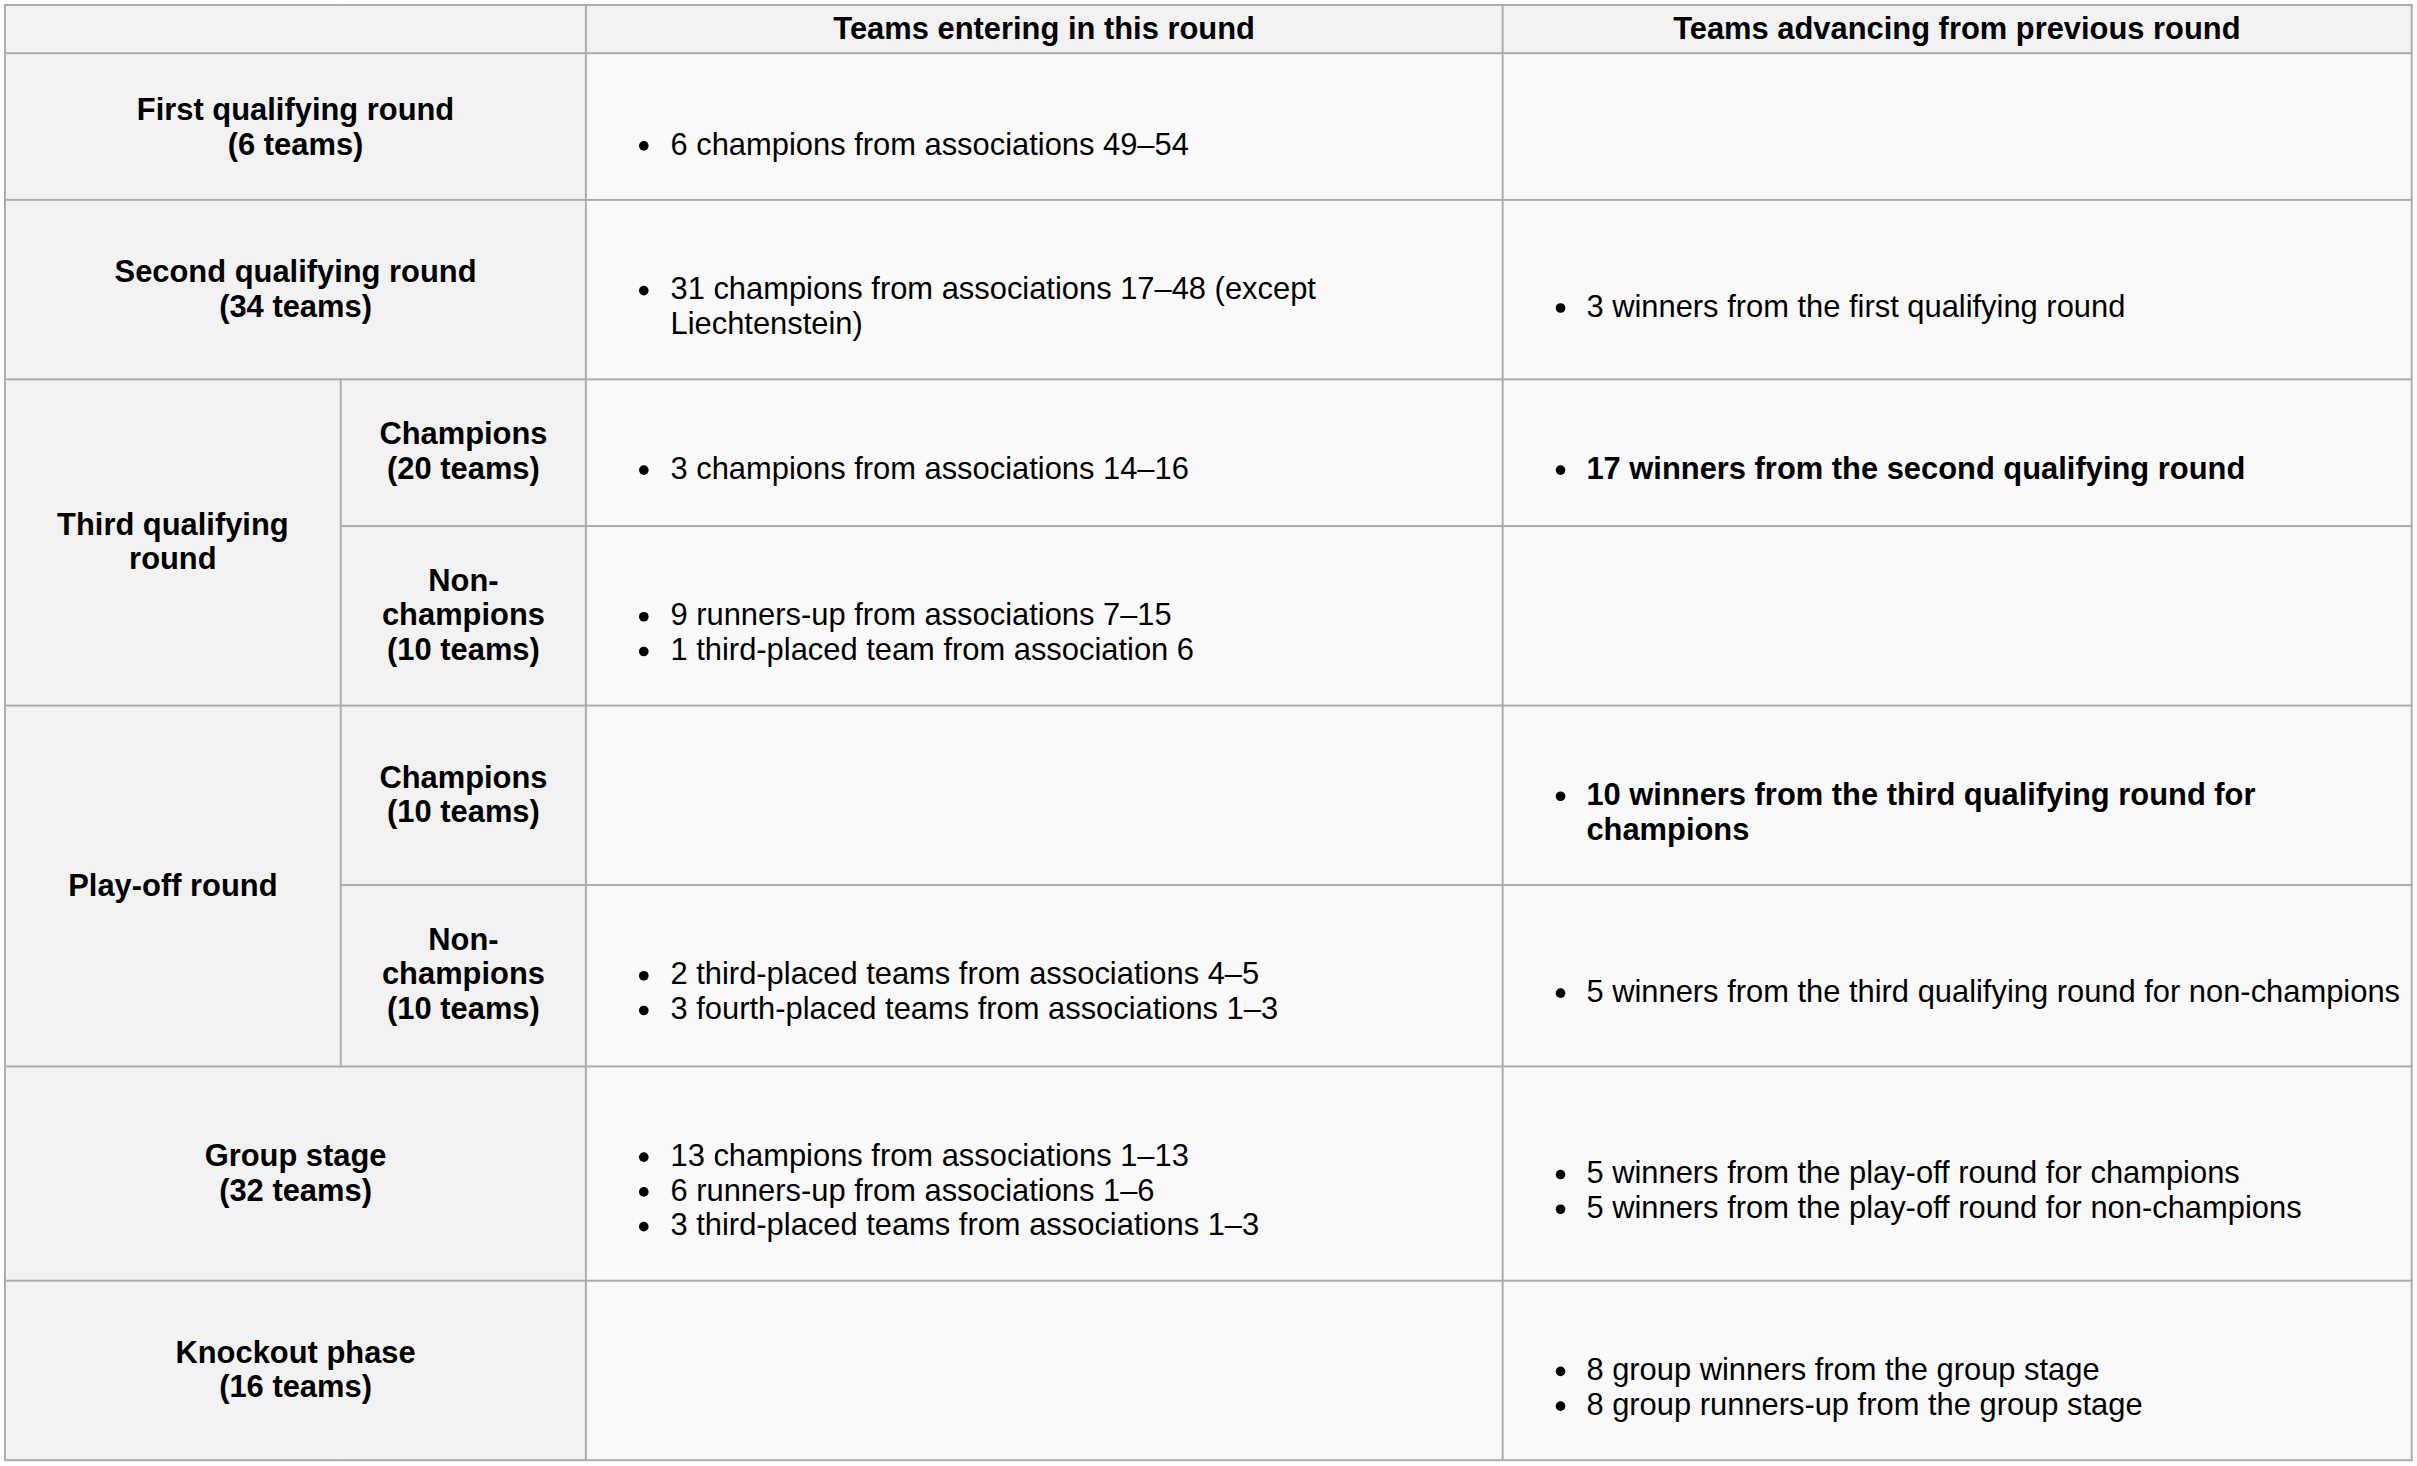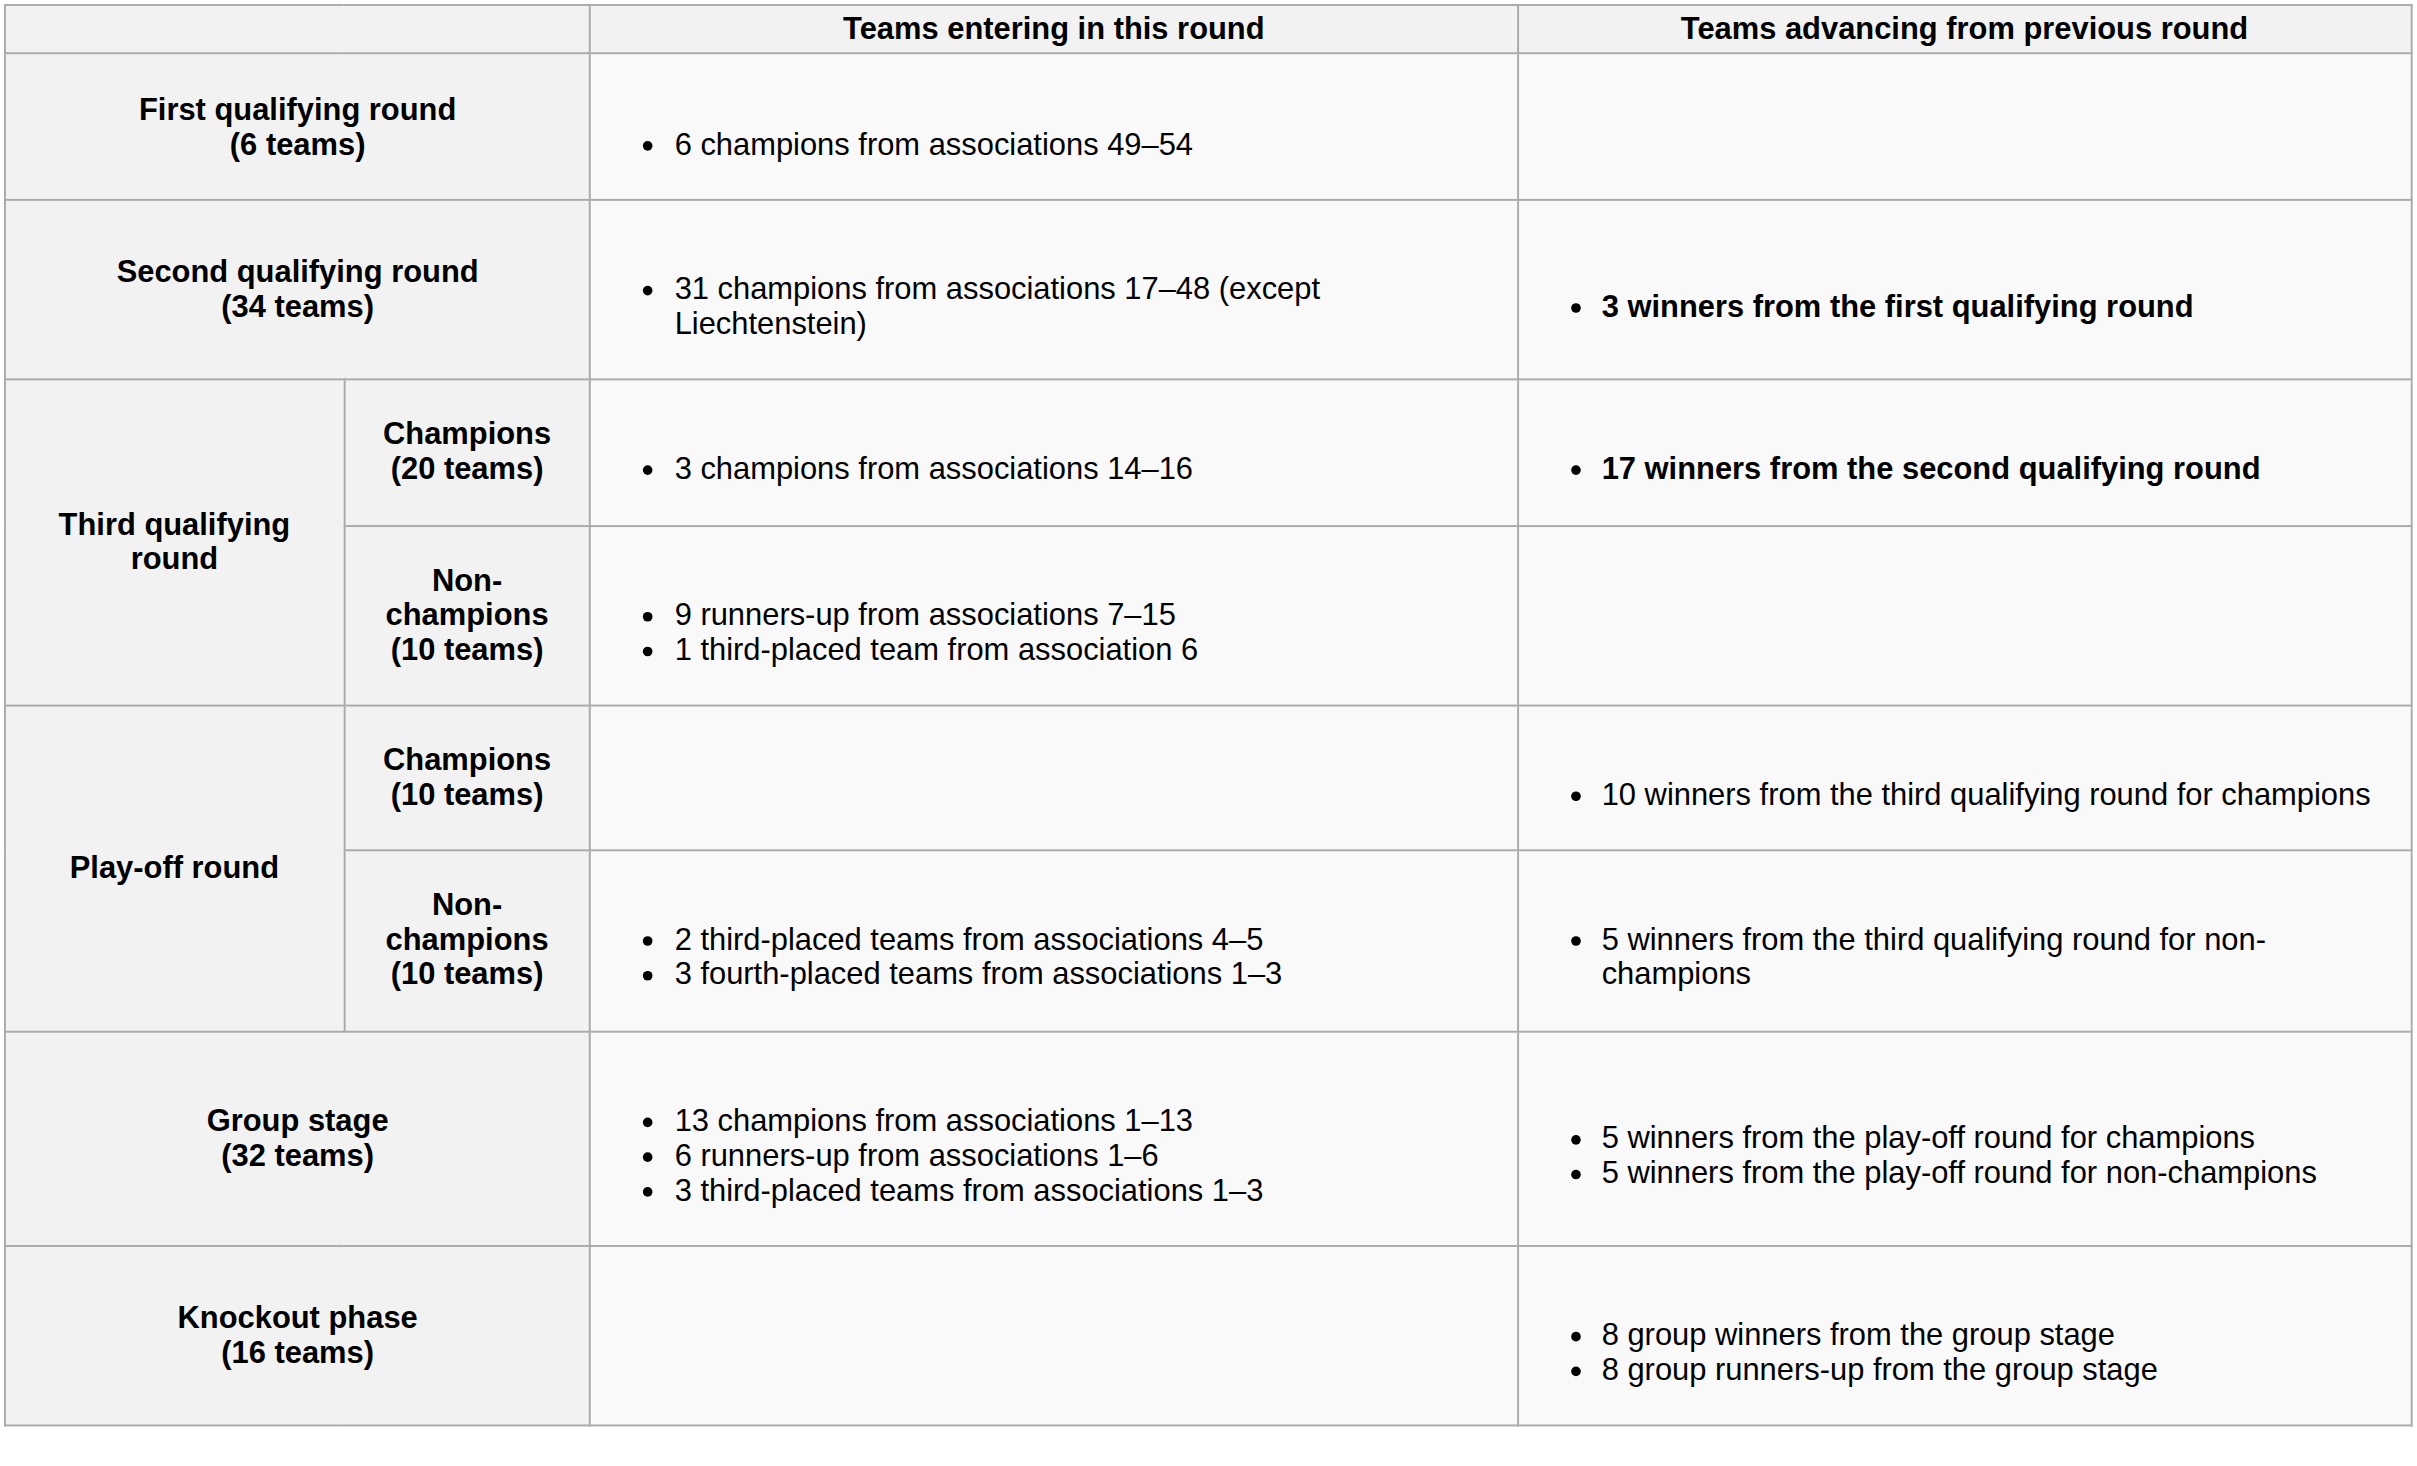 <table class="wikitable">
 <tr>
 <th colspan=2></th>
 <th>Teams entering in this round</th>
 <th>Teams advancing from previous round</th>
 </tr>
 <tr>
 <th colspan=2>First qualifying round<br>(6 teams)</th>
 <td><br><ul><li>6 champions from associations 49–54</li></ul></td>
 <td></td>
 </tr>
 <tr>
 <th colspan=2>Second qualifying round<br>(34 teams)</th>
 <td><br><ul><li>31 champions from associations 17–48 (except Liechtenstein)</li></ul></td>
-<td><br><ul><li>3 winners from the first qualifying round</li></ul></td>
+<td><strong><br><ul><li>3 winners from the first qualifying round</li></ul></strong></td>
 </tr>
 <tr>
 <th rowspan=2>Third qualifying round</th>
 <th>Champions<br>(20 teams)</th>
 <td><br><ul><li>3 champions from associations 14–16</li></ul></td>
 <td><strong><br><ul><li>17 winners from the second qualifying round</li></ul></strong></td>
 </tr>
 <tr>
 <th>Non-champions<br>(10 teams)</th>
 <td><br><ul><li>9 runners-up from associations 7–15</li><li>1 third-placed team from association 6</li></ul></td>
 <td></td>
 </tr>
 <tr>
 <th rowspan=2>Play-off round</th>
 <th>Champions<br>(10 teams)</th>
 <td></td>
-<td><strong><br><ul><li>10 winners from the third qualifying round for champions</li></ul></strong></td>
+<td><br><ul><li>10 winners from the third qualifying round for champions</li></ul></td>
 </tr>
 <tr>
 <th>Non-champions<br>(10 teams)</th>
 <td><br><ul><li>2 third-placed teams from associations 4–5</li><li>3 fourth-placed teams from associations 1–3</li></ul></td>
 <td><br><ul><li>5 winners from the third qualifying round for non-champions</li></ul></td>
 </tr>
 <tr>
 <th colspan=2>Group stage<br>(32 teams)</th>
 <td><br><ul><li>13 champions from associations 1–13</li><li>6 runners-up from associations 1–6</li><li>3 third-placed teams from associations 1–3</li></ul></td>
 <td><br><ul><li>5 winners from the play-off round for champions</li><li>5 winners from the play-off round for non-champions</li></ul></td>
 </tr>
 <tr>
 <th colspan=2>Knockout phase<br>(16 teams)</th>
 <td></td>
 <td><br><ul><li>8 group winners from the group stage</li><li>8 group runners-up from the group stage</li></ul></td>
 </tr>
 </table>
